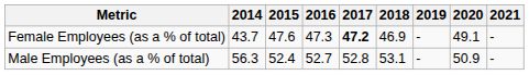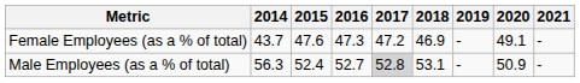 <table class="wikitable">
 <tr>
 <th>Metric</th>
 <th>2014</th>
 <th>2015</th>
 <th>2016</th>
 <th>2017</th>
 <th>2018</th>
 <th>2019</th>
 <th>2020</th>
 <th>2021</th>
 </tr>
 <tr>
 <td>Female Employees (as a % of total)</td>
 <td>43.7</td>
 <td>47.6</td>
 <td>47.3</td>
-<td><strong>47.2</strong></td>
+<td>47.2</td>
 <td>46.9</td>
 <td>-</td>
 <td>49.1</td>
 <td>-</td>
 </tr>
 <tr>
 <td>Male Employees (as a % of total)</td>
 <td>56.3</td>
 <td>52.4</td>
 <td>52.7</td>
-<td>52.8</td>
+<td style="background: lightgrey;">52.8</td>
 <td>53.1</td>
 <td>-</td>
 <td>50.9</td>
 <td>-</td>
 </tr>
 </table>
